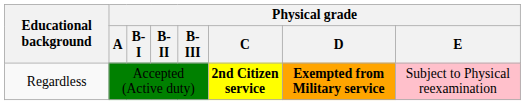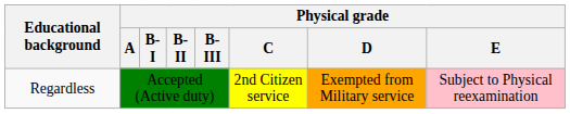 <table class="wikitable">
 <tr>
 <th rowspan="2">Educational background</th>
 <th colspan="7">Physical grade</th>
 </tr>
 <tr>
 <th>A</th>
 <th>B-I</th>
 <th>B-II</th>
 <th>B-III</th>
 <th>C</th>
 <th>D</th>
 <th>E</th>
 </tr>
 <tr>
 <td div style="text-align:center">Regardless</td>
 <td colspan="4" div style="background:green; text-align:center;">Accepted (Active duty)</td>
-<td div style="background:yellow; text-align:center;"><strong>2nd Citizen service</strong></td>
-<td div style="background:orange; text-align:center;"><strong>Exempted from Military service</strong></td>
+<td div style="background:yellow; text-align:center;">2nd Citizen service</td>
+<td div style="background:orange; text-align:center;">Exempted from Military service</td>
 <td div style="background:pink; text-align:center;">Subject to Physical reexamination</td>
 </tr>
 </table>
